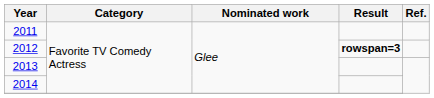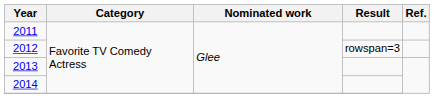 <table class=wikitable>
 <tr>
 <th scope="col" style="width:5em;">Year</th>
 <th scope="col" style="width:26em;">Category</th>
 <th scope="col" style="width:25em;">Nominated work</th>
 <th scope="col" style="width:5em;">Result</th>
 <th>Ref.</th>
 </tr>
 <tr>
 <td style="text-align:center;"><a href='#'>2011</a></td>
 <td rowspan=4>Favorite TV Comedy Actress</td>
 <td rowspan=4><em>Glee</em></td>
 <td></td>
 <td style="text-align:center;"></td>
 </tr>
 <tr>
 <td style="text-align:center;"><a href='#'>2012</a></td>
-<td><strong>rowspan=3 </strong></td>
+<td>rowspan=3 </td>
 <td style="text-align:center;"></td>
 </tr>
 <tr>
 <td style="text-align:center;"><a href='#'>2013</a></td>
 <td style="text-align:center;"></td>
 </tr>
 <tr>
 <td style="text-align:center;"><a href='#'>2014</a></td>
 <td style="text-align:center;"></td>
 </tr>
 <tr>
 </tr>
 </table>
